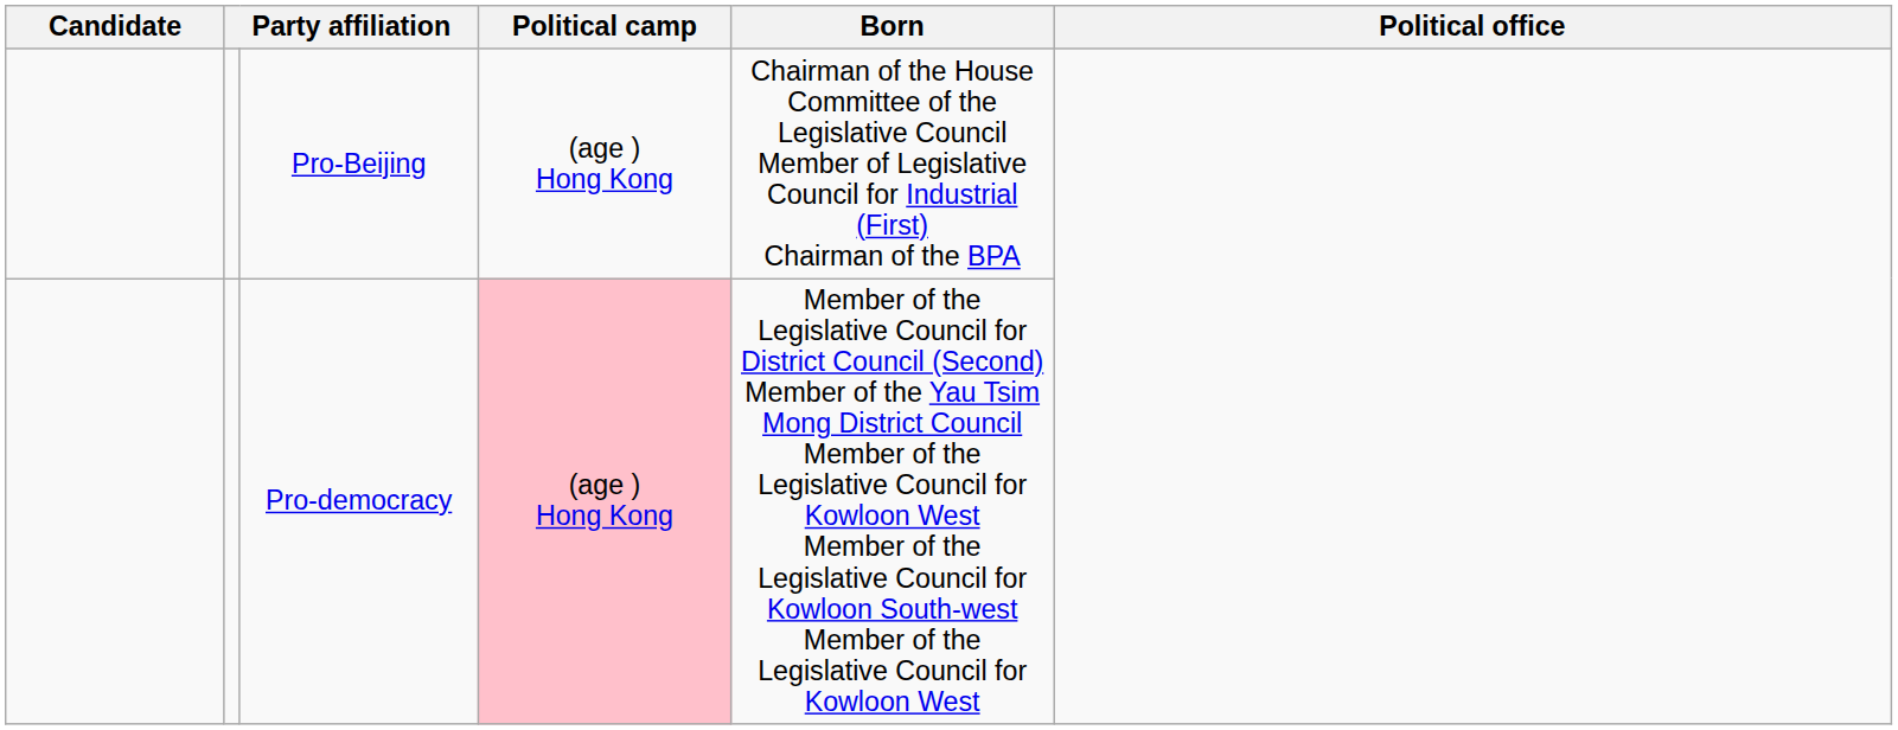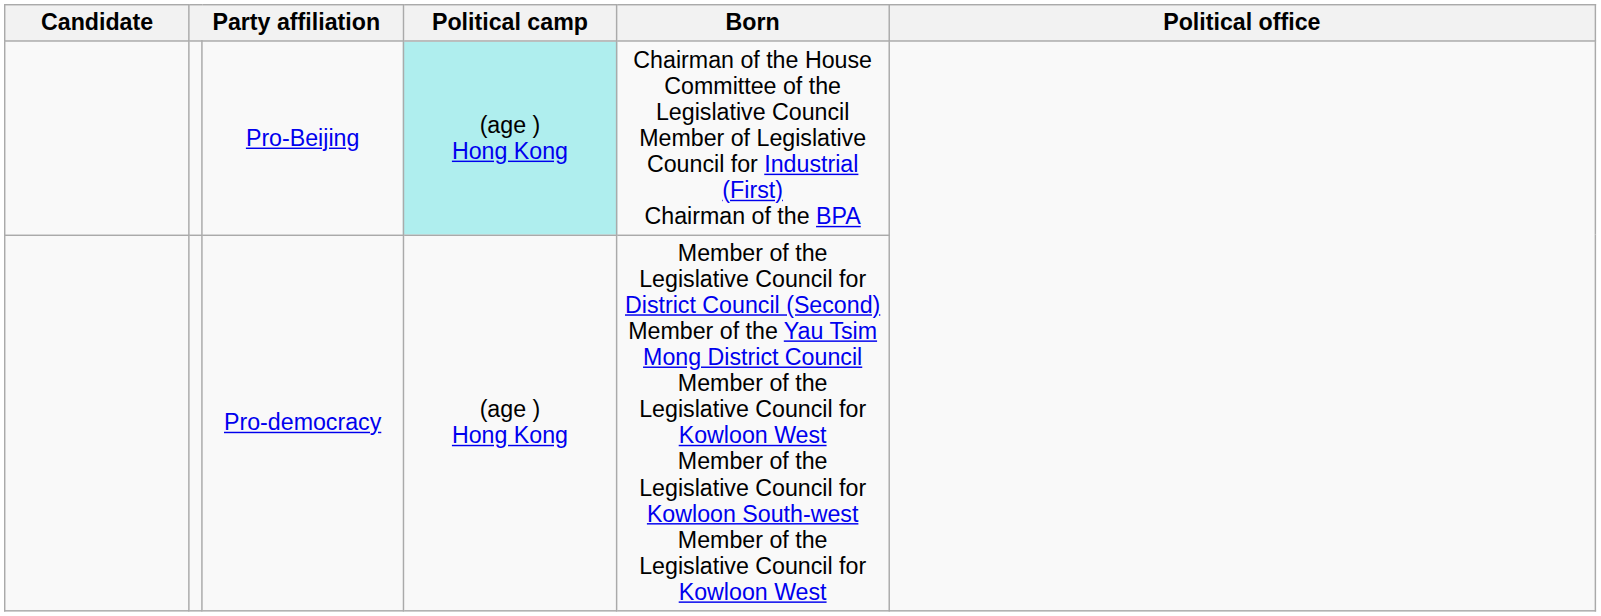 <table class="wikitable" style="text-align:center;">
 <tr>
 <th scope="col" style="width: 120px;">Candidate</th>
 <th colspan="2" style="width: 140px;">Party affiliation</th>
 <th scope="col" style="width: 140px;">Political camp</th>
 <th scope="col" style="width: 180px;">Born</th>
 <th scope="col" style="width: 480px;">Political office</th>
 </tr>
 <tr>
 <td><br><br></td>
 <td></td>
 <td><a href='#'>Pro-Beijing</a></td>
-<td> (age )<br><a href='#'>Hong Kong</a></td>
+<td style="background: paleturquoise;"> (age )<br><a href='#'>Hong Kong</a></td>
 <td>Chairman of the House Committee of the Legislative Council <br> Member of Legislative Council for <a href='#'>Industrial (First)</a> <br> Chairman of the <a href='#'>BPA</a> </td>
 </tr>
 <tr>
 <td><br></td>
 <td></td>
 <td><a href='#'>Pro-democracy</a></td>
-<td style="background: pink;"> (age )<br><a href='#'>Hong Kong</a></td>
+<td> (age )<br><a href='#'>Hong Kong</a></td>
 <td>Member of the Legislative Council for <a href='#'>District Council (Second)</a> <br> Member of the <a href='#'>Yau Tsim Mong District Council</a> <br> Member of the Legislative Council for <a href='#'>Kowloon West</a> <br> Member of the Legislative Council for <a href='#'>Kowloon South-west</a> <br> Member of the Legislative Council for <a href='#'>Kowloon West</a> </td>
 </tr>
 </table>
